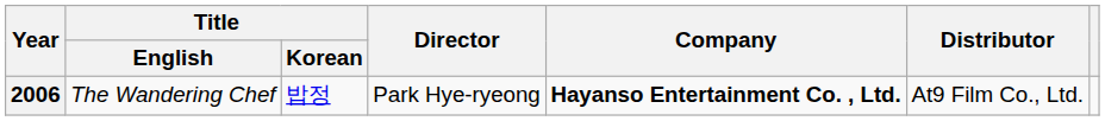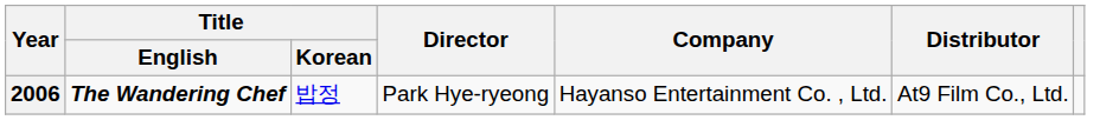 <table class="wikitable sortable plainrowheaders">
 <tr>
 <th rowspan="2" scope="col">Year</th>
 <th colspan="2" scope="col">Title</th>
 <th rowspan="2">Director</th>
 <th rowspan="2" scope="col">Company</th>
 <th rowspan="2">Distributor</th>
 <th rowspan="2" scope="col" class="unsortable"></th>
 </tr>
 <tr>
 <th>English</th>
 <th>Korean</th>
 </tr>
 <tr>
 <th scope="row">2006</th>
-<td><em>The Wandering Chef</em></td>
+<td><strong><em>The Wandering Chef</em></strong></td>
 <td><a href='#'>밥정</a></td>
 <td>Park Hye-ryeong</td>
-<td><strong>Hayanso Entertainment Co. , Ltd.</strong></td>
+<td>Hayanso Entertainment Co. , Ltd.</td>
 <td>At9 Film Co., Ltd.</td>
 <td></td>
 </tr>
 </table>
